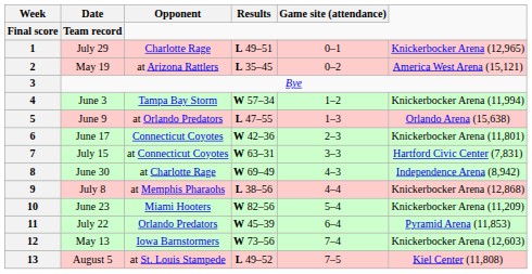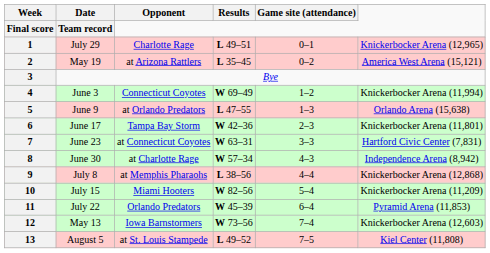 <table class="wikitable" style="font-size: 92%;" "align=center">
 <tr>
 <th>Week</th>
 <th>Date</th>
 <th>Opponent</th>
 <th>Results</th>
 <th>Game site (attendance)</th>
 </tr>
 <tr>
 <th>Final score</th>
 <th>Team record</th>
 </tr>
 <tr style="background:#fcc">
 <th>1</th>
 <td style="text-align:center;">July 29</td>
 <td style="text-align:center;"><a href='#'>Charlotte Rage</a></td>
 <td style="text-align:center;"><strong>L</strong> 49–51</td>
 <td style="text-align:center;">0–1</td>
 <td style="text-align:center;"><a href='#'>Knickerbocker Arena</a> (12,965)</td>
 </tr>
 <tr style="background:#fcc">
 <th>2</th>
 <td style="text-align:center;">May 19</td>
 <td style="text-align:center;">at <a href='#'>Arizona Rattlers</a></td>
 <td style="text-align:center;"><strong>L</strong> 35–45</td>
 <td style="text-align:center;">0–2</td>
 <td style="text-align:center;"><a href='#'>America West Arena</a> (15,121)</td>
 </tr>
 <tr style=>
 <th>3</th>
 <td colspan="8" style="text-align:center;"><em><a href='#'>Bye</a></em></td>
 </tr>
 <tr style="background:#cfc">
 <th>4</th>
 <td style="text-align:center;">June 3</td>
-<td style="text-align:center;"><a href='#'>Tampa Bay Storm</a></td>
-<td style="text-align:center;"><strong>W</strong> 57–34</td>
+<td style="text-align:center;"><a href='#'>Connecticut Coyotes</a></td>
+<td style="text-align:center;"><strong>W</strong> 69–49</td>
 <td style="text-align:center;">1–2</td>
 <td style="text-align:center;">Knickerbocker Arena (11,994)</td>
 </tr>
 <tr style="background:#fcc">
 <th>5</th>
 <td style="text-align:center;">June 9</td>
 <td style="text-align:center;">at <a href='#'>Orlando Predators</a></td>
 <td style="text-align:center;"><strong>L</strong> 47–55</td>
 <td style="text-align:center;">1–3</td>
 <td style="text-align:center;"><a href='#'>Orlando Arena</a> (15,638)</td>
 </tr>
 <tr style="background:#cfc">
 <th>6</th>
 <td style="text-align:center;">June 17</td>
-<td style="text-align:center;"><a href='#'>Connecticut Coyotes</a></td>
+<td style="text-align:center;"><a href='#'>Tampa Bay Storm</a></td>
 <td style="text-align:center;"><strong>W</strong> 42–36</td>
 <td style="text-align:center;">2–3</td>
 <td style="text-align:center;">Knickerbocker Arena (11,801)</td>
 </tr>
 <tr style="background:#cfc">
 <th>7</th>
-<td style="text-align:center;">July 15</td>
+<td style="text-align:center;">June 23</td>
 <td style="text-align:center;">at <a href='#'>Connecticut Coyotes</a></td>
 <td style="text-align:center;"><strong>W</strong> 63–31</td>
 <td style="text-align:center;">3–3</td>
 <td style="text-align:center;"><a href='#'>Hartford Civic Center</a> (7,831)</td>
 </tr>
 <tr style="background:#cfc">
 <th>8</th>
 <td style="text-align:center;">June 30</td>
 <td style="text-align:center;">at <a href='#'>Charlotte Rage</a></td>
-<td style="text-align:center;"><strong>W</strong> 69–49</td>
+<td style="text-align:center;"><strong>W</strong> 57–34</td>
 <td style="text-align:center;">4–3</td>
 <td style="text-align:center;"><a href='#'>Independence Arena</a> (8,942)</td>
 </tr>
 <tr style="background:#fcc">
 <th>9</th>
 <td style="text-align:center;">July 8</td>
 <td style="text-align:center;">at <a href='#'>Memphis Pharaohs</a></td>
 <td style="text-align:center;"><strong>L</strong> 38–56</td>
 <td style="text-align:center;">4–4</td>
 <td style="text-align:center;">Knickerbocker Arena (12,868)</td>
 </tr>
 <tr style="background:#cfc">
 <th>10</th>
-<td style="text-align:center;">June 23</td>
+<td style="text-align:center;">July 15</td>
 <td style="text-align:center;"><a href='#'>Miami Hooters</a></td>
 <td style="text-align:center;"><strong>W</strong> 82–56</td>
 <td style="text-align:center;">5–4</td>
 <td style="text-align:center;">Knickerbocker Arena (11,209)</td>
 </tr>
 <tr style="background:#cfc">
 <th>11</th>
 <td style="text-align:center;">July 22</td>
 <td style="text-align:center;"><a href='#'>Orlando Predators</a></td>
 <td style="text-align:center;"><strong>W</strong> 45–39</td>
 <td style="text-align:center;">6–4</td>
 <td style="text-align:center;"><a href='#'>Pyramid Arena</a> (11,853)</td>
 </tr>
 <tr style="background:#cfc">
 <th>12</th>
 <td style="text-align:center;">May 13</td>
 <td style="text-align:center;"><a href='#'>Iowa Barnstormers</a></td>
 <td style="text-align:center;"><strong>W</strong> 73–56</td>
 <td style="text-align:center;">7–4</td>
 <td style="text-align:center;">Knickerbocker Arena (12,603)</td>
 </tr>
 <tr style="background:#fcc">
 <th>13</th>
 <td style="text-align:center;">August 5</td>
 <td style="text-align:center;">at <a href='#'>St. Louis Stampede</a></td>
 <td style="text-align:center;"><strong>L</strong> 49–52</td>
 <td style="text-align:center;">7–5</td>
 <td style="text-align:center;"><a href='#'>Kiel Center</a> (11,808)</td>
 </tr>
 </table>
